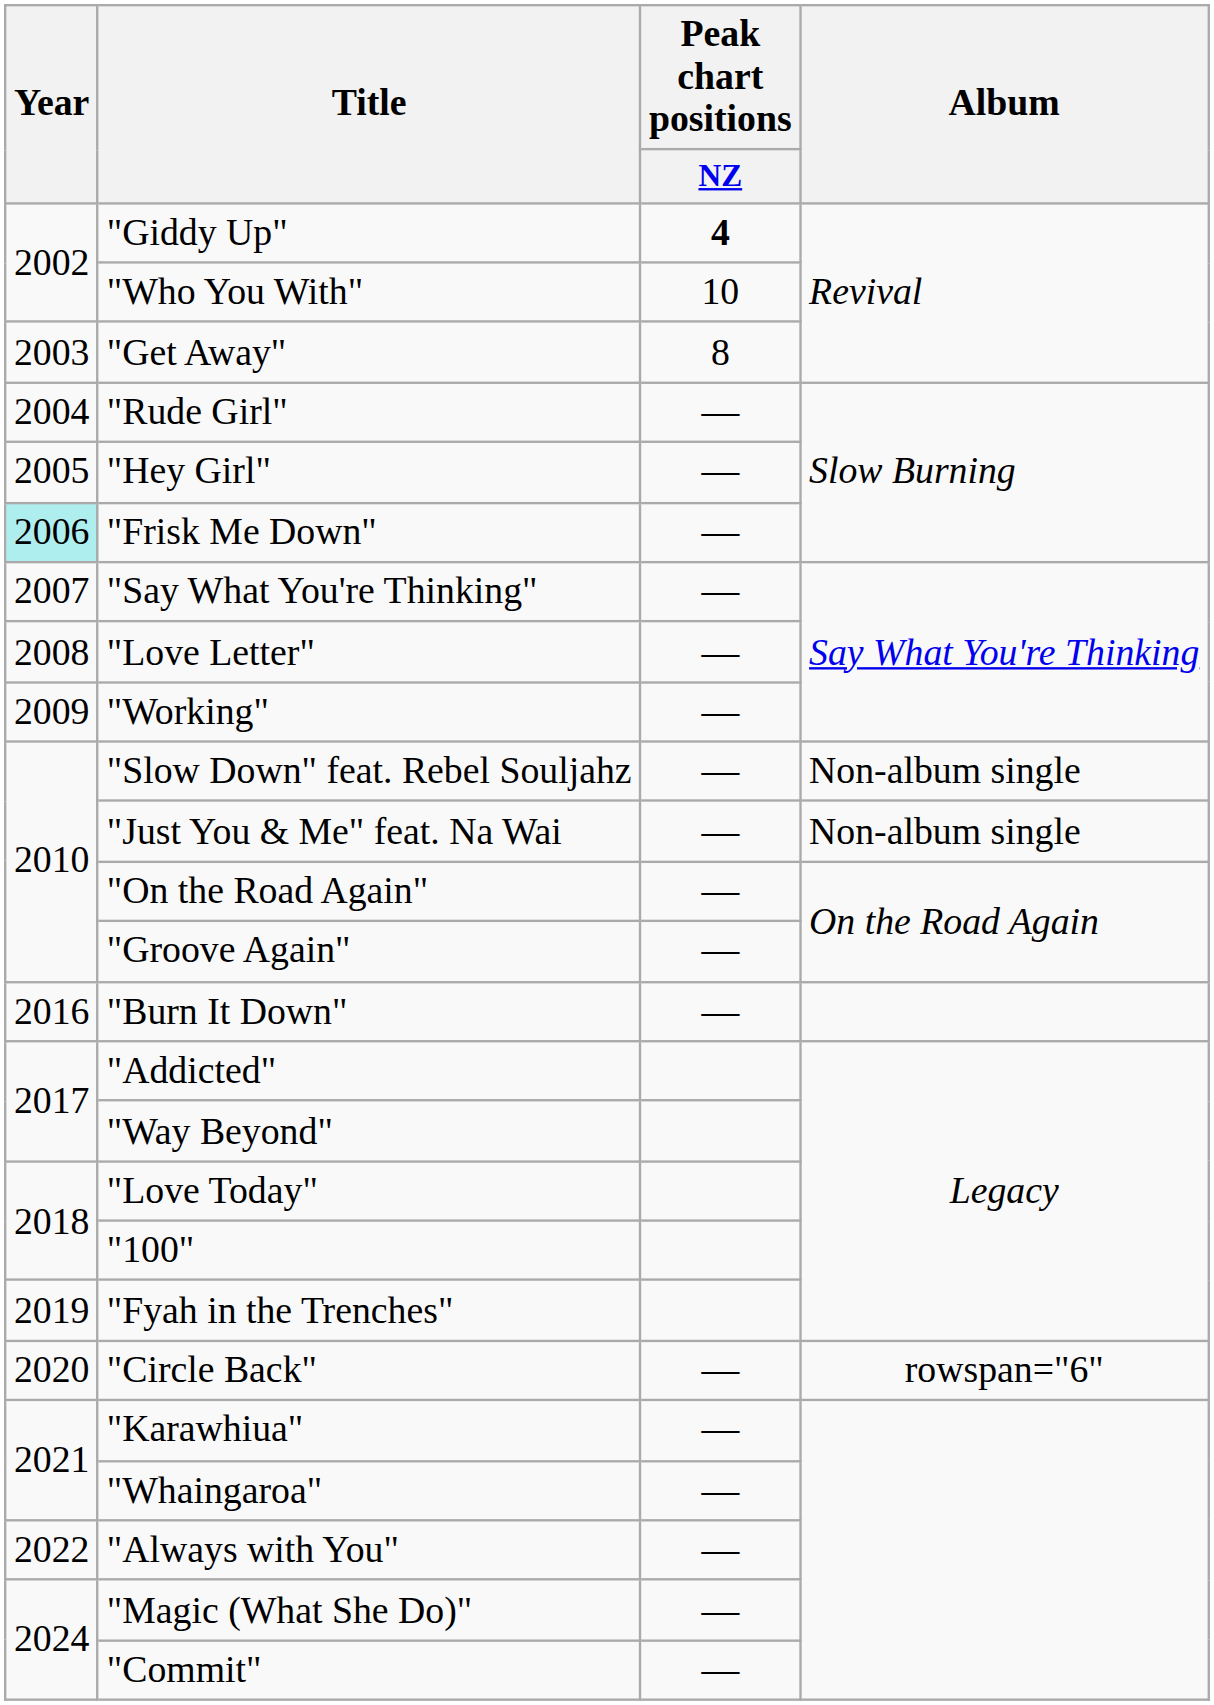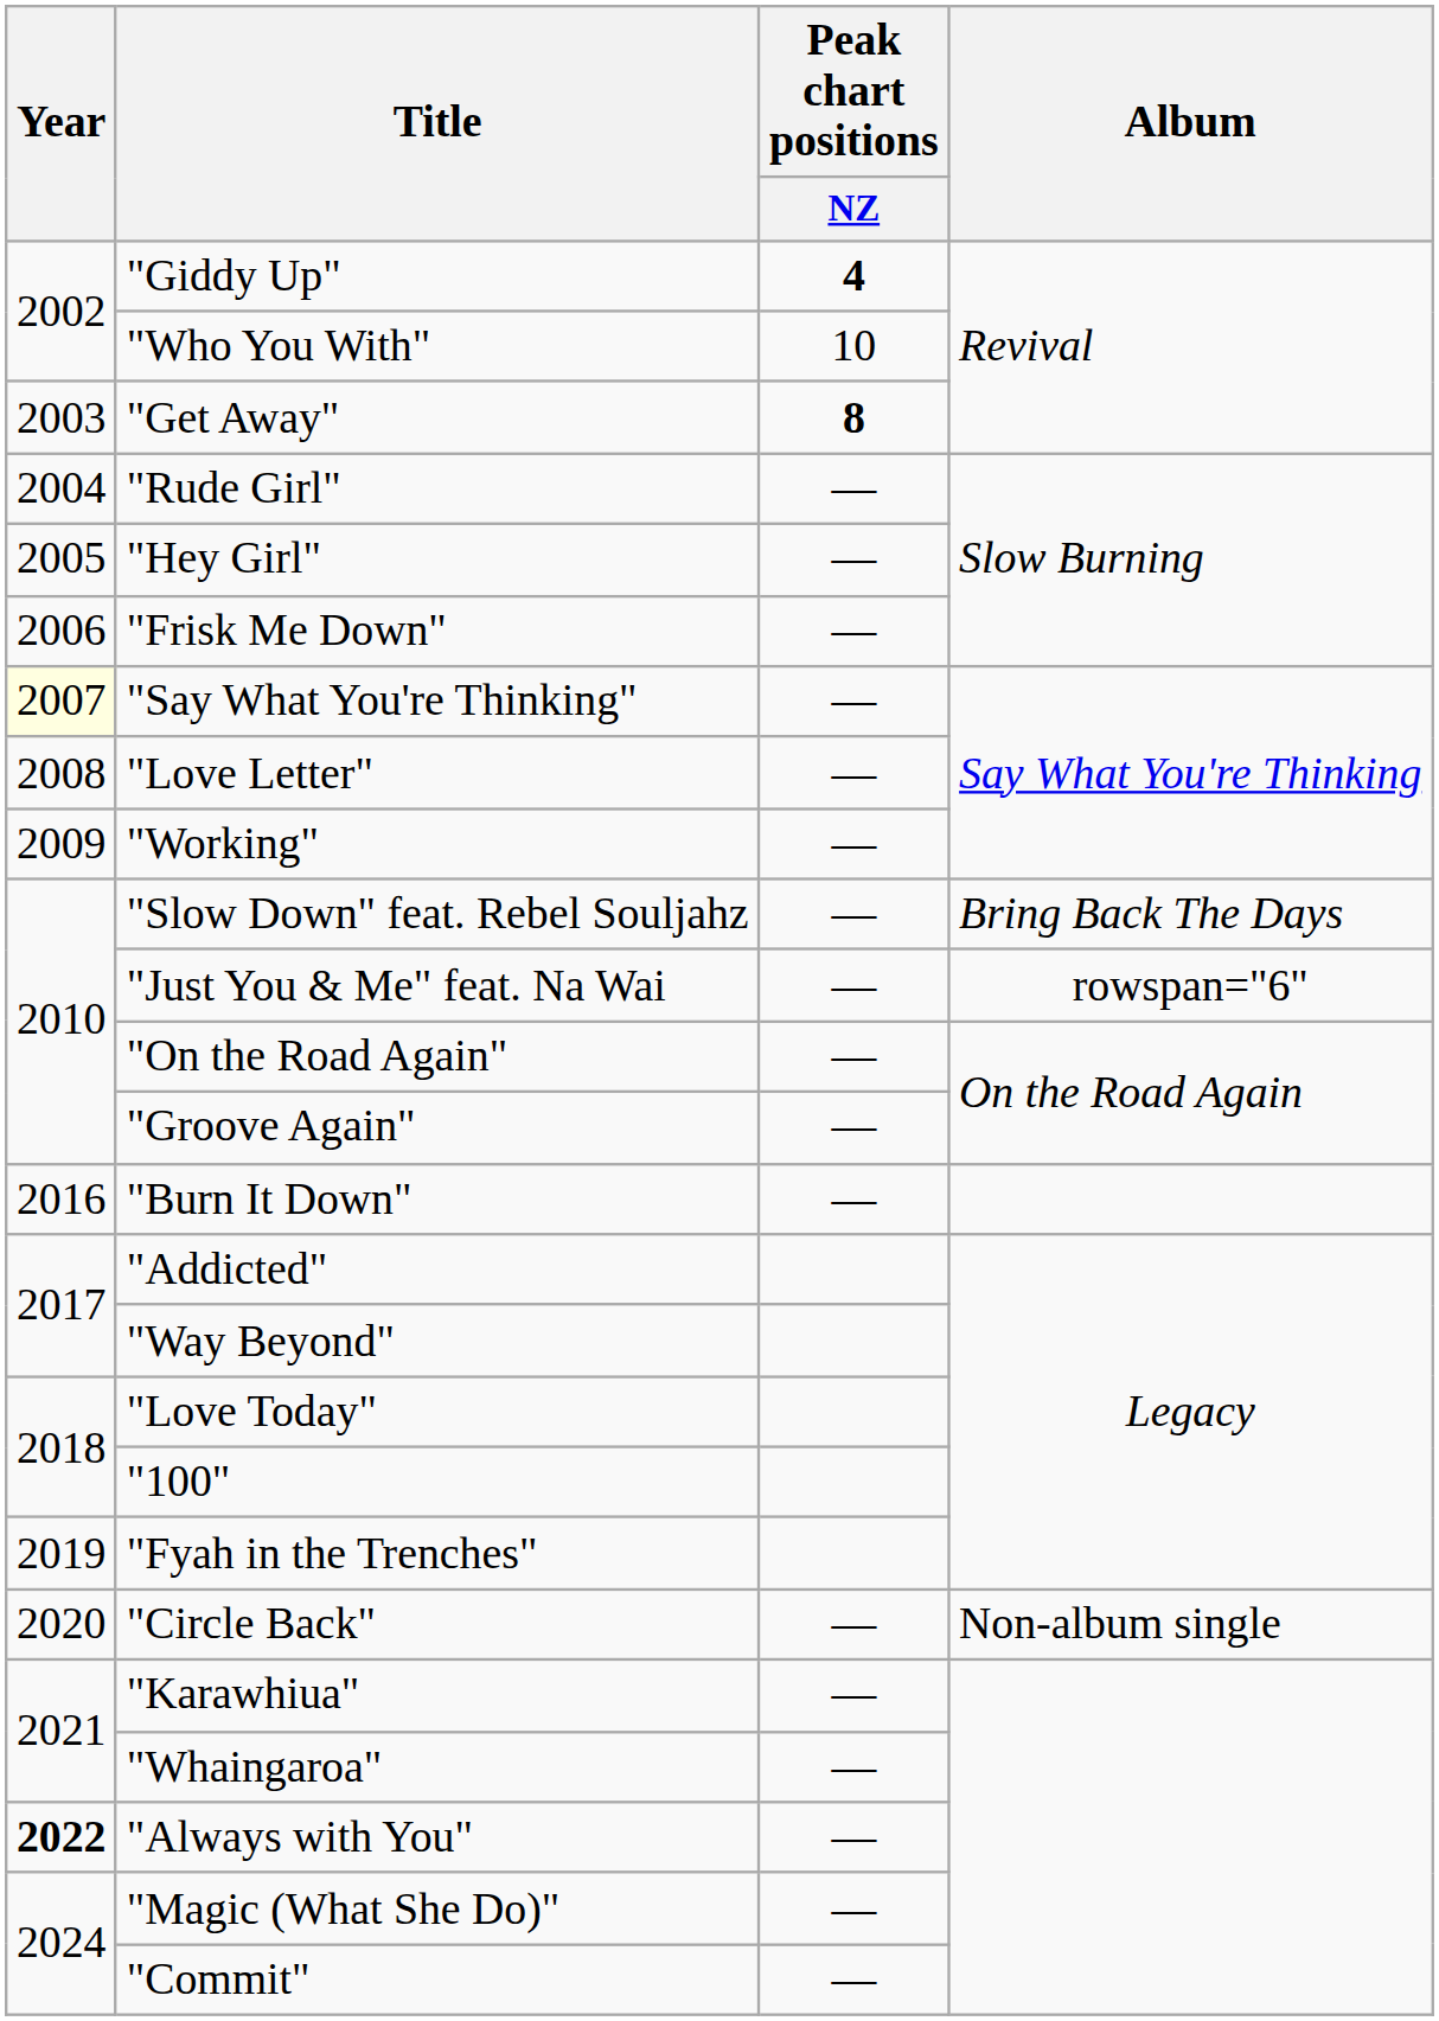 <table class="wikitable" style="text-align:center;">
 <tr>
 <th rowspan="2">Year</th>
 <th rowspan="2">Title</th>
 <th>Peak chart positions</th>
 <th rowspan="2">Album</th>
 </tr>
 <tr style="font-size:smaller;">
 <th width="30"><a href='#'>NZ</a><br></th>
 </tr>
 <tr>
 <td rowspan=2>2002</td>
 <td align="left">"Giddy Up"</td>
 <td><strong>4</strong></td>
 <td rowspan=3 align="left"><em>Revival</em></td>
 </tr>
 <tr>
 <td align="left">"Who You With"</td>
 <td>10</td>
 </tr>
 <tr>
 <td>2003</td>
 <td align="left">"Get Away"</td>
-<td>8</td>
+<td><strong>8</strong></td>
 </tr>
 <tr>
 <td>2004</td>
 <td align="left">"Rude Girl"</td>
 <td>—</td>
 <td rowspan=3 align="left"><em>Slow Burning</em></td>
 </tr>
 <tr>
 <td>2005</td>
 <td align="left">"Hey Girl"</td>
 <td>—</td>
 </tr>
 <tr>
-<td style="background: paleturquoise;">2006</td>
+<td>2006</td>
 <td align="left">"Frisk Me Down"</td>
 <td>—</td>
 </tr>
 <tr>
-<td>2007</td>
+<td style="background: lightyellow;">2007</td>
 <td align="left">"Say What You're Thinking"</td>
 <td>—</td>
 <td rowspan=3 align="left"><em><a href='#'>Say What You're Thinking</a></em></td>
 </tr>
 <tr>
 <td>2008</td>
 <td align="left">"Love Letter"</td>
 <td>—</td>
 </tr>
 <tr>
 <td>2009</td>
 <td align="left">"Working"</td>
 <td>—</td>
 </tr>
 <tr>
 <td rowspan=4>2010</td>
 <td align="left">"Slow Down" feat. Rebel Souljahz</td>
 <td>—</td>
-<td align="left">Non-album single</td>
+<td align="left"><em>Bring Back The Days</em></td>
 </tr>
 <tr>
 <td align="left">"Just You & Me" feat. Na Wai</td>
 <td>—</td>
-<td align="left">Non-album single</td>
+<td>rowspan="6" </td>
 </tr>
 <tr>
 <td align="left">"On the Road Again"</td>
 <td>—</td>
 <td rowspan=2 align="left"><em>On the Road Again</em></td>
 </tr>
 <tr>
 <td align="left">"Groove Again"</td>
 <td>—</td>
 </tr>
 <tr>
 <td>2016</td>
 <td align="left">"Burn It Down"</td>
 <td>—</td>
 <td></td>
 </tr>
 <tr>
 <td rowspan=2>2017</td>
 <td align="left">"Addicted"</td>
 <td></td>
 <td rowspan=5><em>Legacy</em></td>
 </tr>
 <tr>
 <td align="left">"Way Beyond"</td>
 <td></td>
 </tr>
 <tr>
 <td rowspan=2>2018</td>
 <td align="left">"Love Today"</td>
 <td></td>
 </tr>
 <tr>
 <td align="left">"100"</td>
 <td></td>
 </tr>
 <tr>
 <td>2019</td>
 <td align="left">"Fyah in the Trenches"</td>
 <td></td>
 </tr>
 <tr>
 <td>2020</td>
 <td align="left">"Circle Back"</td>
 <td>—</td>
-<td>rowspan="6" </td>
+<td align="left">Non-album single</td>
 </tr>
 <tr>
 <td rowspan="2">2021</td>
 <td align="left">"Karawhiua"</td>
 <td>—</td>
 </tr>
 <tr>
 <td align="left">"Whaingaroa"</td>
 <td>—</td>
 </tr>
 <tr>
-<td>2022</td>
+<td><strong>2022</strong></td>
 <td align="left">"Always with You"</td>
 <td>—</td>
 </tr>
 <tr>
 <td rowspan="2">2024</td>
 <td align="left">"Magic (What She Do)"</td>
 <td>—</td>
 </tr>
 <tr>
 <td align="left">"Commit"</td>
 <td>—</td>
 </tr>
 </table>
